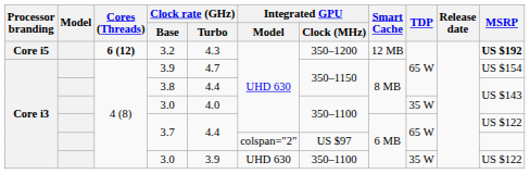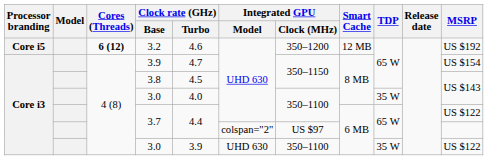 <table class="wikitable sortable nowrap" style="text-align: center;">
 <tr>
 <th class="unsortable" rowspan="2">Processor<br>branding</th>
 <th rowspan="2">Model</th>
 <th class="unsortable" rowspan="2"><a href='#'>Cores</a><br>(<a href='#'>Threads</a>)</th>
 <th colspan="2"><a href='#'>Clock rate</a> (GHz)</th>
 <th colspan="2">Integrated <a href='#'>GPU</a></th>
 <th class="unsortable" rowspan="2"><a href='#'>Smart<br>Cache</a></th>
 <th rowspan="2"><a href='#'>TDP</a></th>
 <th rowspan="2">Release<br>date</th>
 <th class="unsortable" rowspan="2"><a href='#'>MSRP</a></th>
 </tr>
 <tr>
 <th class="unsortable">Base</th>
 <th class="unsortable">Turbo</th>
 <th class="unsortable">Model</th>
 <th class="unsortable">Clock (MHz)</th>
 </tr>
 <tr>
 <th>Core i5</th>
 <th style="text-align:left;" data-sort-value="sku7"></th>
 <td><strong>6 (12)</strong></td>
 <td>3.2</td>
-<td>4.3</td>
+<td>4.6</td>
 <td rowspan="5"><a href='#'>UHD 630</a></td>
 <td>350–1200</td>
 <td>12 MB</td>
 <td rowspan="3">65 W</td>
 <td rowspan="7"></td>
-<td><strong>US $192</strong></td>
+<td>US $192</td>
 </tr>
 <tr>
 <th rowspan="6">Core i3</th>
 <th style="text-align:left;" data-sort-value="sku6"></th>
 <td rowspan="6">4 (8)</td>
 <td>3.9</td>
 <td>4.7</td>
 <td rowspan="2">350–1150</td>
 <td rowspan="3">8 MB</td>
 <td>US $154</td>
 </tr>
 <tr>
 <th style="text-align:left;" data-sort-value="sku5"></th>
 <td>3.8</td>
-<td>4.4</td>
+<td>4.5</td>
 <td rowspan="2">US $143</td>
 </tr>
 <tr>
 <th style="text-align:left;" data-sort-value="sku4"></th>
 <td>3.0</td>
 <td>4.0</td>
 <td rowspan="2">350–1100</td>
 <td>35 W</td>
 </tr>
 <tr>
 <th style="text-align:left;" data-sort-value="sku3"></th>
 <td rowspan="2">3.7</td>
 <td rowspan="2">4.4</td>
 <td rowspan="3">6 MB</td>
 <td rowspan="2">65 W</td>
 <td>US $122</td>
 </tr>
 <tr>
 <th style="text-align:left;" data-sort-value="sku2"></th>
 <td>colspan="2" </td>
 <td>US $97</td>
 </tr>
 <tr>
 <th style="text-align:left;" data-sort-value="sku1"></th>
 <td>3.0</td>
 <td>3.9</td>
 <td>UHD 630</td>
 <td>350–1100</td>
 <td>35 W</td>
 <td>US $122</td>
 </tr>
 </table>
